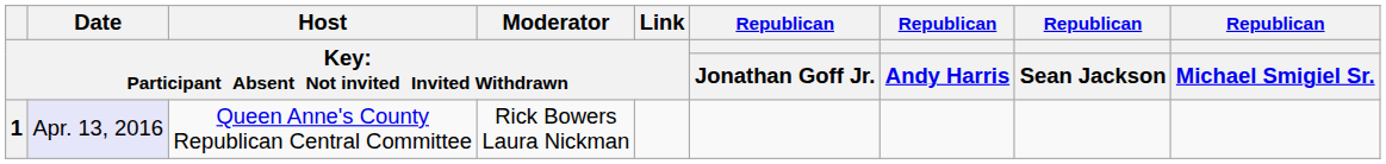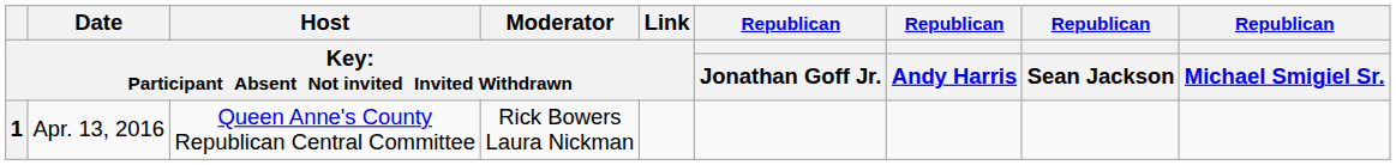 <table class="wikitable" style="text-align:center;">
 <tr>
 <th scope="col"></th>
 <th scope="col">Date</th>
 <th scope="col">Host</th>
 <th scope="col">Moderator</th>
 <th scope="col">Link</th>
 <th scope="col"><small><a href='#'>Republican</a></small></th>
 <th scope="col"><small><a href='#'>Republican</a></small></th>
 <th scope="col"><small><a href='#'>Republican</a></small></th>
 <th scope="col"><small><a href='#'>Republican</a></small></th>
 </tr>
 <tr>
 <th colspan="5" rowspan="2">Key:<br> <small>Participant </small>  <small>Absent </small>  <small>Not invited </small>  <small>Invited  Withdrawn</small></th>
 <th scope="col" style="background:"></th>
 <th scope="col" style="background:"></th>
 <th scope="col" style="background:"></th>
 <th scope="col" style="background:"></th>
 </tr>
 <tr>
 <th scope="col">Jonathan Goff Jr.</th>
 <th scope="col"><a href='#'>Andy Harris</a></th>
 <th scope="col">Sean Jackson</th>
 <th scope="col"><a href='#'>Michael Smigiel Sr.</a></th>
 </tr>
 <tr>
 <th>1</th>
-<td style="background: lavender; white-space:nowrap;">Apr. 13, 2016</td>
+<td style="white-space:nowrap;">Apr. 13, 2016</td>
 <td style="white-space:nowrap;"><a href='#'>Queen Anne's County</a><br>Republican Central Committee</td>
 <td style="white-space:nowrap;">Rick Bowers<br>Laura Nickman</td>
 <td style="white-space:nowrap;"></td>
 <td></td>
 <td></td>
 <td></td>
 <td></td>
 </tr>
 </table>
